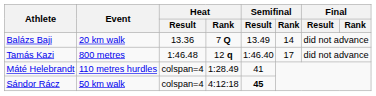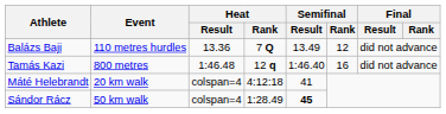 <table class="wikitable" style="font-size:90%">
 <tr>
 <th rowspan="2">Athlete</th>
 <th rowspan="2">Event</th>
 <th colspan="2">Heat</th>
 <th colspan="2">Semifinal</th>
 <th colspan="2">Final</th>
 </tr>
 <tr style="font-size:95%">
 <th>Result</th>
 <th>Rank</th>
 <th>Result</th>
 <th>Rank</th>
 <th>Result</th>
 <th>Rank</th>
 </tr>
 <tr align=center>
 <td align=left><a href='#'>Balázs Baji</a></td>
-<td align=left><a href='#'>20 km walk</a></td>
+<td align=left><a href='#'>110 metres hurdles</a></td>
 <td>13.36</td>
 <td>7 <strong>Q</strong></td>
 <td>13.49</td>
-<td>14</td>
+<td>12</td>
 <td colspan=2>did not advance</td>
 </tr>
 <tr align=center>
 <td align=left><a href='#'>Tamás Kazi</a></td>
 <td align=left><a href='#'>800 metres</a></td>
 <td>1:46.48</td>
 <td>12 <strong>q</strong></td>
 <td>1:46.40</td>
-<td>17</td>
+<td>16</td>
 <td colspan=2>did not advance</td>
 </tr>
 <tr align=center>
 <td align=left><a href='#'>Máté Helebrandt</a></td>
-<td align=left><a href='#'>110 metres hurdles</a></td>
+<td align=left><a href='#'>20 km walk</a></td>
 <td>colspan=4 </td>
-<td>1:28.49</td>
+<td>4:12:18</td>
 <td>41</td>
 </tr>
 <tr align=center>
 <td align=left><a href='#'>Sándor Rácz</a></td>
 <td align=left><a href='#'>50 km walk</a></td>
 <td>colspan=4 </td>
-<td>4:12:18</td>
+<td>1:28.49</td>
 <td><strong>45</strong></td>
 </tr>
 </table>
